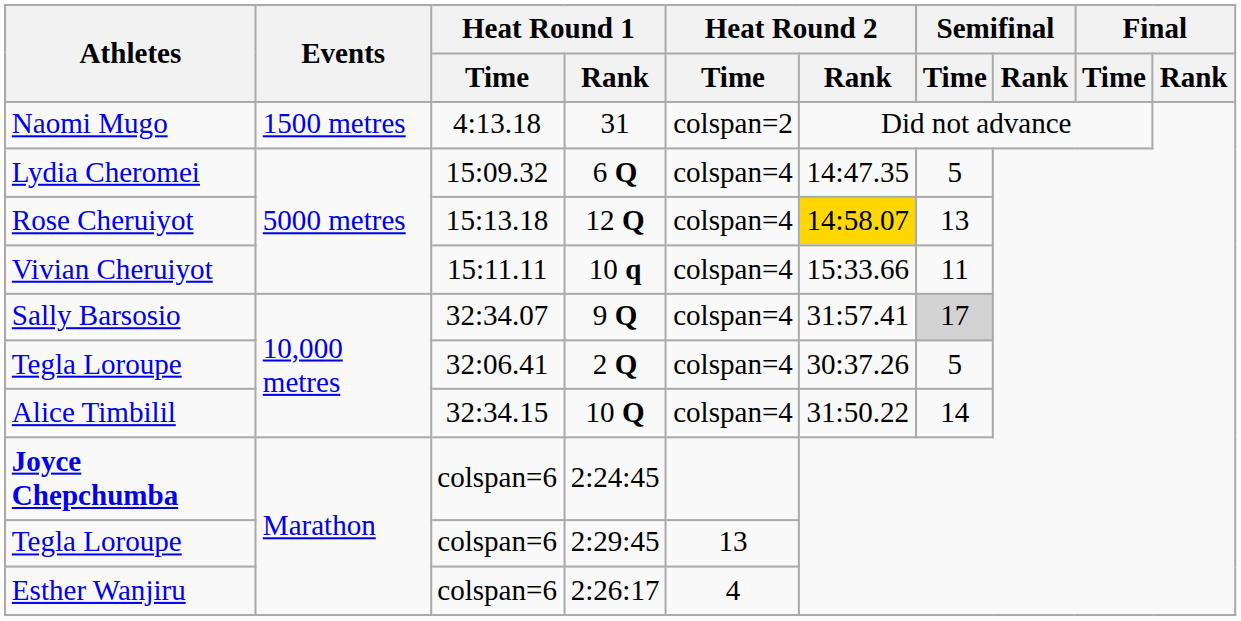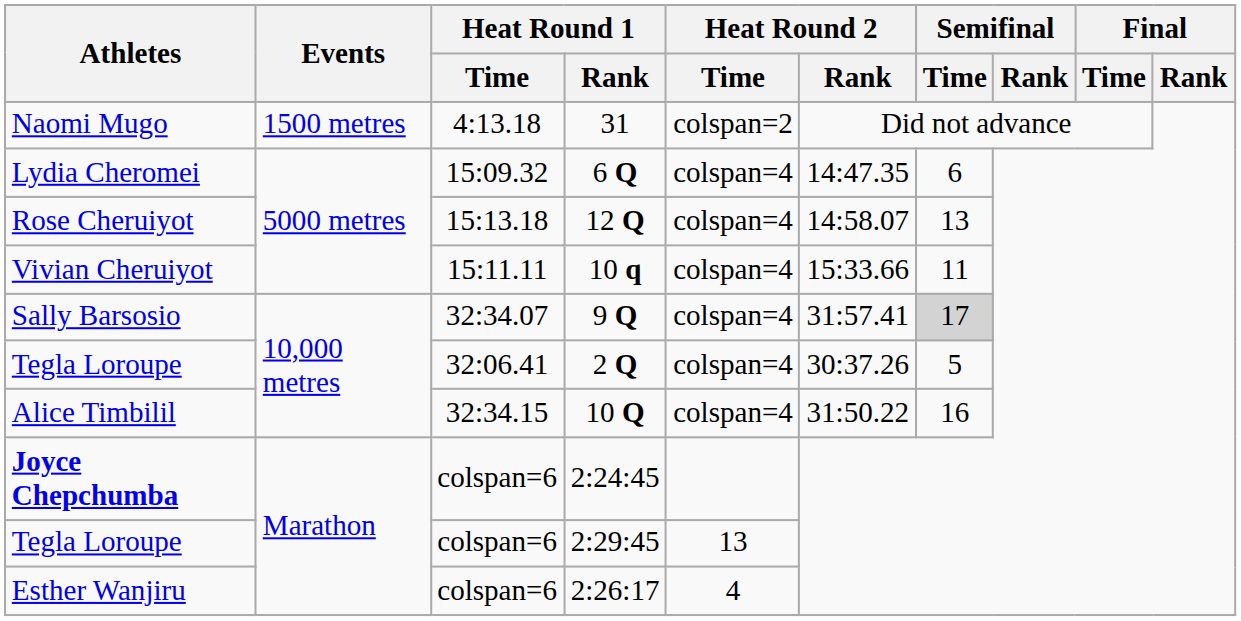 <table class=wikitable style="font-size:90%">
 <tr>
 <th rowspan=2>Athletes</th>
 <th rowspan=2>Events</th>
 <th colspan=2>Heat Round 1</th>
 <th colspan=2>Heat Round 2</th>
 <th colspan=2>Semifinal</th>
 <th colspan=2>Final</th>
 </tr>
 <tr>
 <th>Time</th>
 <th>Rank</th>
 <th>Time</th>
 <th>Rank</th>
 <th>Time</th>
 <th>Rank</th>
 <th>Time</th>
 <th>Rank</th>
 </tr>
 <tr>
 <td><a href='#'>Naomi Mugo</a></td>
 <td><a href='#'>1500 metres</a></td>
 <td align=center>4:13.18</td>
 <td align=center>31</td>
 <td>colspan=2</td>
 <td align=center colspan=4>Did not advance</td>
 </tr>
 <tr>
 <td align=left><a href='#'>Lydia Cheromei</a></td>
 <td align=left rowspan=3><a href='#'>5000 metres</a></td>
 <td align=center>15:09.32</td>
 <td align=center>6 <strong>Q</strong></td>
 <td>colspan=4</td>
 <td align=center>14:47.35</td>
-<td align=center>5</td>
+<td align=center>6</td>
 </tr>
 <tr>
 <td align=left><a href='#'>Rose Cheruiyot</a></td>
 <td align=center>15:13.18</td>
 <td align=center>12 <strong>Q</strong></td>
 <td>colspan=4</td>
-<td align=center style="background: gold;">14:58.07</td>
+<td align=center>14:58.07</td>
 <td align=center>13</td>
 </tr>
 <tr>
 <td align=left><a href='#'>Vivian Cheruiyot</a></td>
 <td align=center>15:11.11</td>
 <td align=center>10 <strong>q</strong></td>
 <td>colspan=4</td>
 <td align=center>15:33.66</td>
 <td align=center>11</td>
 </tr>
 <tr>
 <td align=left><a href='#'>Sally Barsosio</a></td>
 <td align=left rowspan=3><a href='#'>10,000 metres</a></td>
 <td align=center>32:34.07</td>
 <td align=center>9 <strong>Q</strong></td>
 <td>colspan=4</td>
 <td align=center>31:57.41</td>
 <td align=center style="background: lightgrey;">17</td>
 </tr>
 <tr>
 <td align=left><a href='#'>Tegla Loroupe</a></td>
 <td align=center>32:06.41</td>
 <td align=center>2 <strong>Q</strong></td>
 <td>colspan=4</td>
 <td align=center>30:37.26</td>
 <td align=center>5</td>
 </tr>
 <tr>
 <td align=left><a href='#'>Alice Timbilil</a></td>
 <td align=center>32:34.15</td>
 <td align=center>10 <strong>Q</strong></td>
 <td>colspan=4</td>
 <td align=center>31:50.22</td>
-<td align=center>14</td>
+<td align=center>16</td>
 </tr>
 <tr>
 <td align=left><strong><a href='#'>Joyce Chepchumba</a></strong></td>
 <td align=left rowspan=3><a href='#'>Marathon</a></td>
 <td>colspan=6</td>
 <td align=center>2:24:45</td>
 <td align=center></td>
 </tr>
 <tr>
 <td align=left><a href='#'>Tegla Loroupe</a></td>
 <td>colspan=6</td>
 <td align=center>2:29:45</td>
 <td align=center>13</td>
 </tr>
 <tr>
 <td align=left><a href='#'>Esther Wanjiru</a></td>
 <td>colspan=6</td>
 <td align=center>2:26:17</td>
 <td align=center>4</td>
 </tr>
 </table>
